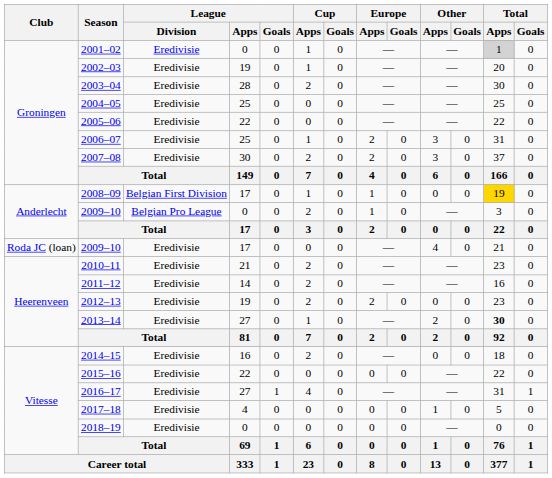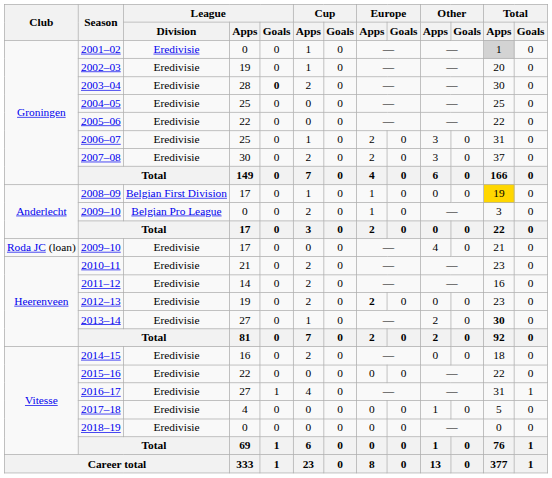 <table class="wikitable" style="text-align: center">
 <tr>
 <th rowspan="2">Club</th>
 <th rowspan="2">Season</th>
 <th colspan="3">League</th>
 <th colspan="2">Cup</th>
 <th colspan="2">Europe</th>
 <th colspan="2">Other</th>
 <th colspan="2">Total</th>
 </tr>
 <tr>
 <th>Division</th>
 <th>Apps</th>
 <th>Goals</th>
 <th>Apps</th>
 <th>Goals</th>
 <th>Apps</th>
 <th>Goals</th>
 <th>Apps</th>
 <th>Goals</th>
 <th>Apps</th>
 <th>Goals</th>
 </tr>
 <tr>
 <td rowspan="8"><a href='#'>Groningen</a></td>
 <td><a href='#'>2001–02</a></td>
 <td><a href='#'>Eredivisie</a></td>
 <td>0</td>
 <td>0</td>
 <td>1</td>
 <td>0</td>
 <td colspan="2">—</td>
 <td colspan="2">—</td>
 <td style="background: lightgrey;">1</td>
 <td>0</td>
 </tr>
 <tr>
 <td><a href='#'>2002–03</a></td>
 <td>Eredivisie</td>
 <td>19</td>
 <td>0</td>
 <td>1</td>
 <td>0</td>
 <td colspan="2">—</td>
 <td colspan="2">—</td>
 <td>20</td>
 <td>0</td>
 </tr>
 <tr>
 <td><a href='#'>2003–04</a></td>
 <td>Eredivisie</td>
 <td>28</td>
-<td>0</td>
+<td><strong>0</strong></td>
 <td>2</td>
 <td>0</td>
 <td colspan="2">—</td>
 <td colspan="2">—</td>
 <td>30</td>
 <td>0</td>
 </tr>
 <tr>
 <td><a href='#'>2004–05</a></td>
 <td>Eredivisie</td>
 <td>25</td>
 <td>0</td>
 <td>0</td>
 <td>0</td>
 <td colspan="2">—</td>
 <td colspan="2">—</td>
 <td>25</td>
 <td>0</td>
 </tr>
 <tr>
 <td><a href='#'>2005–06</a></td>
 <td>Eredivisie</td>
 <td>22</td>
 <td>0</td>
 <td>0</td>
 <td>0</td>
 <td colspan="2">—</td>
 <td colspan="2">—</td>
 <td>22</td>
 <td>0</td>
 </tr>
 <tr>
 <td><a href='#'>2006–07</a></td>
 <td>Eredivisie</td>
 <td>25</td>
 <td>0</td>
 <td>1</td>
 <td>0</td>
 <td>2</td>
 <td>0</td>
 <td>3</td>
 <td>0</td>
 <td>31</td>
 <td>0</td>
 </tr>
 <tr>
 <td><a href='#'>2007–08</a></td>
 <td>Eredivisie</td>
 <td>30</td>
 <td>0</td>
 <td>2</td>
 <td>0</td>
 <td>2</td>
 <td>0</td>
 <td>3</td>
 <td>0</td>
 <td>37</td>
 <td>0</td>
 </tr>
 <tr>
 <th colspan="2">Total</th>
 <th>149</th>
 <th>0</th>
 <th>7</th>
 <th>0</th>
 <th>4</th>
 <th>0</th>
 <th>6</th>
 <th>0</th>
 <th>166</th>
 <th>0</th>
 </tr>
 <tr>
 <td rowspan="3"><a href='#'>Anderlecht</a></td>
 <td><a href='#'>2008–09</a></td>
 <td><a href='#'>Belgian First Division</a></td>
 <td>17</td>
 <td>0</td>
 <td>1</td>
 <td>0</td>
 <td>1</td>
 <td>0</td>
 <td>0</td>
 <td>0</td>
 <td style="background: gold;">19</td>
 <td>0</td>
 </tr>
 <tr>
 <td><a href='#'>2009–10</a></td>
 <td><a href='#'>Belgian Pro League</a></td>
 <td>0</td>
 <td>0</td>
 <td>2</td>
 <td>0</td>
 <td>1</td>
 <td>0</td>
 <td colspan="2">—</td>
 <td>3</td>
 <td>0</td>
 </tr>
 <tr>
 <th colspan="2">Total</th>
 <th>17</th>
 <th>0</th>
 <th>3</th>
 <th>0</th>
 <th>2</th>
 <th>0</th>
 <th>0</th>
 <th>0</th>
 <th>22</th>
 <th>0</th>
 </tr>
 <tr>
 <td><a href='#'>Roda JC</a> (loan)</td>
 <td><a href='#'>2009–10</a></td>
 <td>Eredivisie</td>
 <td>17</td>
 <td>0</td>
 <td>0</td>
 <td>0</td>
 <td colspan="2">—</td>
 <td>4</td>
 <td>0</td>
 <td>21</td>
 <td>0</td>
 </tr>
 <tr>
 <td rowspan="5"><a href='#'>Heerenveen</a></td>
 <td><a href='#'>2010–11</a></td>
 <td>Eredivisie</td>
 <td>21</td>
 <td>0</td>
 <td>2</td>
 <td>0</td>
 <td colspan="2">—</td>
 <td colspan="2">—</td>
 <td>23</td>
 <td>0</td>
 </tr>
 <tr>
 <td><a href='#'>2011–12</a></td>
 <td>Eredivisie</td>
 <td>14</td>
 <td>0</td>
 <td>2</td>
 <td>0</td>
 <td colspan="2">—</td>
 <td colspan="2">—</td>
 <td>16</td>
 <td>0</td>
 </tr>
 <tr>
 <td><a href='#'>2012–13</a></td>
 <td>Eredivisie</td>
 <td>19</td>
 <td>0</td>
 <td>2</td>
 <td>0</td>
-<td>2</td>
+<td><strong>2</strong></td>
 <td>0</td>
 <td>0</td>
 <td>0</td>
 <td>23</td>
 <td>0</td>
 </tr>
 <tr>
 <td><a href='#'>2013–14</a></td>
 <td>Eredivisie</td>
 <td>27</td>
 <td>0</td>
 <td>1</td>
 <td>0</td>
 <td colspan="2">—</td>
 <td>2</td>
 <td>0</td>
 <td><strong>30</strong></td>
 <td>0</td>
 </tr>
 <tr>
 <th colspan="2">Total</th>
 <th>81</th>
 <th>0</th>
 <th>7</th>
 <th>0</th>
 <th>2</th>
 <th>0</th>
 <th>2</th>
 <th>0</th>
 <th>92</th>
 <th>0</th>
 </tr>
 <tr>
 <td rowspan="6"><a href='#'>Vitesse</a></td>
 <td><a href='#'>2014–15</a></td>
 <td>Eredivisie</td>
 <td>16</td>
 <td>0</td>
 <td>2</td>
 <td>0</td>
 <td colspan="2">—</td>
 <td>0</td>
 <td>0</td>
 <td>18</td>
 <td>0</td>
 </tr>
 <tr>
 <td><a href='#'>2015–16</a></td>
 <td>Eredivisie</td>
 <td>22</td>
 <td>0</td>
 <td>0</td>
 <td>0</td>
 <td>0</td>
 <td>0</td>
 <td colspan="2">—</td>
 <td>22</td>
 <td>0</td>
 </tr>
 <tr>
 <td><a href='#'>2016–17</a></td>
 <td>Eredivisie</td>
 <td>27</td>
 <td>1</td>
 <td>4</td>
 <td>0</td>
 <td colspan="2">—</td>
 <td colspan="2">—</td>
 <td>31</td>
 <td>1</td>
 </tr>
 <tr>
 <td><a href='#'>2017–18</a></td>
 <td>Eredivisie</td>
 <td>4</td>
 <td>0</td>
 <td>0</td>
 <td>0</td>
 <td>0</td>
 <td>0</td>
 <td>1</td>
 <td>0</td>
 <td>5</td>
 <td>0</td>
 </tr>
 <tr>
 <td><a href='#'>2018–19</a></td>
 <td>Eredivisie</td>
 <td>0</td>
 <td>0</td>
 <td>0</td>
 <td>0</td>
 <td>0</td>
 <td>0</td>
 <td colspan="2">—</td>
 <td>0</td>
 <td>0</td>
 </tr>
 <tr>
 <th colspan="2">Total</th>
 <th>69</th>
 <th>1</th>
 <th>6</th>
 <th>0</th>
 <th>0</th>
 <th>0</th>
 <th>1</th>
 <th>0</th>
 <th>76</th>
 <th>1</th>
 </tr>
 <tr>
 <th colspan="3">Career total</th>
 <th>333</th>
 <th>1</th>
 <th>23</th>
 <th>0</th>
 <th>8</th>
 <th>0</th>
 <th>13</th>
 <th>0</th>
 <th>377</th>
 <th>1</th>
 </tr>
 </table>
